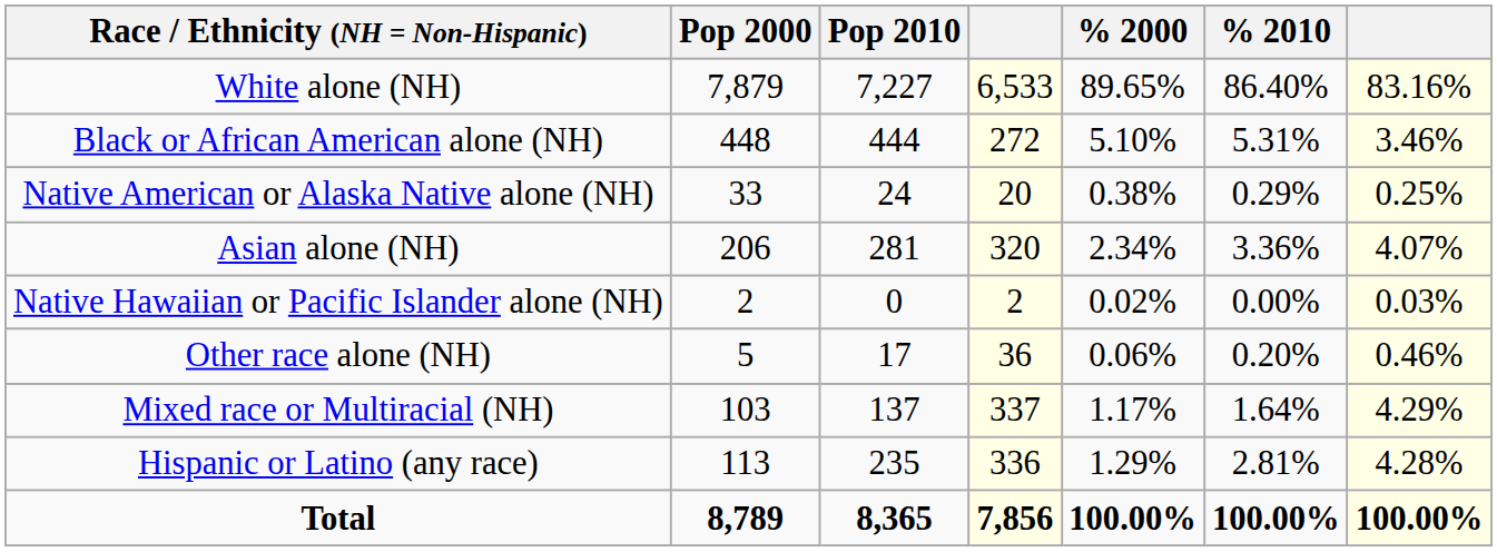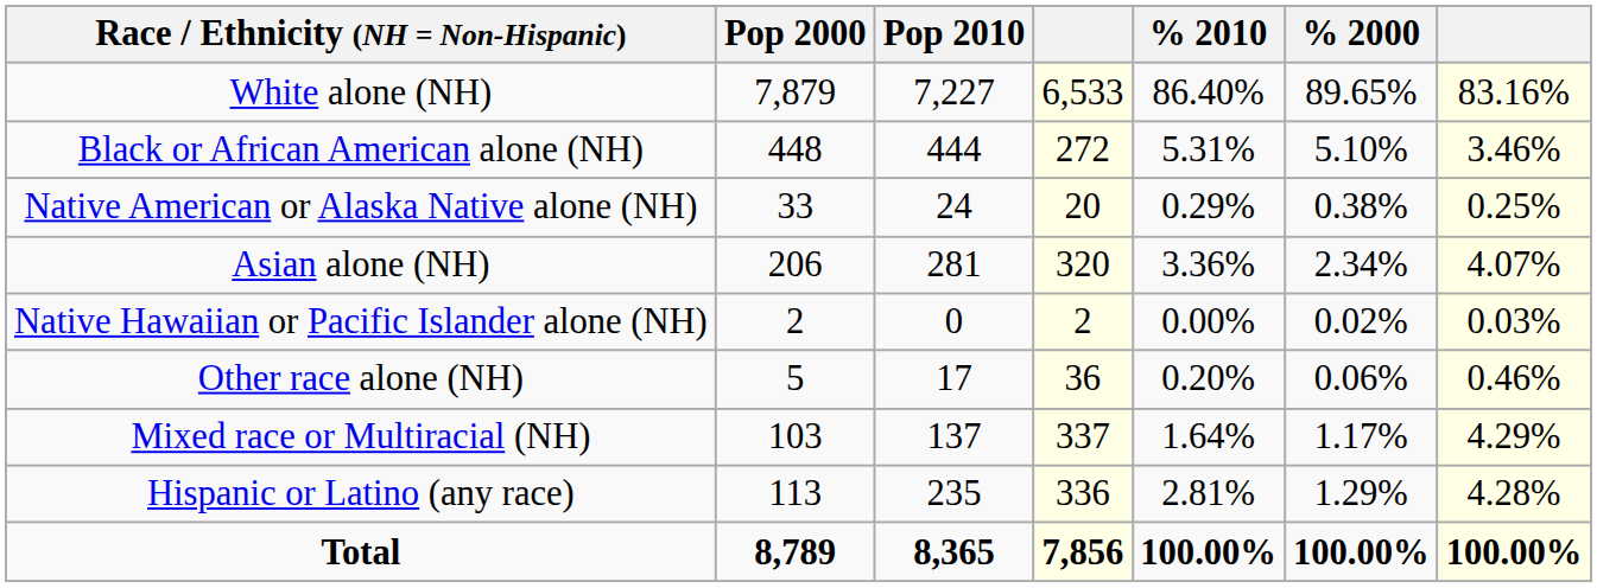 <table class="wikitable" style="text-align:center;">
 <tr>
 <th>Race / Ethnicity <small>(<em>NH = Non-Hispanic</em>)</small></th>
 <th>Pop 2000</th>
 <th>Pop 2010</th>
 <th></th>
+<th>% 2010</th>
 <th>% 2000</th>
-<th>% 2010</th>
 <th></th>
 </tr>
 <tr>
 <td><a href='#'>White</a> alone (NH)</td>
 <td>7,879</td>
 <td>7,227</td>
 <td style='background: #ffffe6;'>6,533</td>
+<td>86.40%</td>
 <td>89.65%</td>
-<td>86.40%</td>
 <td style='background: #ffffe6;'>83.16%</td>
 </tr>
 <tr>
 <td><a href='#'>Black or African American</a> alone (NH)</td>
 <td>448</td>
 <td>444</td>
 <td style='background: #ffffe6;'>272</td>
+<td>5.31%</td>
 <td>5.10%</td>
-<td>5.31%</td>
 <td style='background: #ffffe6;'>3.46%</td>
 </tr>
 <tr>
 <td><a href='#'>Native American</a> or <a href='#'>Alaska Native</a> alone (NH)</td>
 <td>33</td>
 <td>24</td>
 <td style='background: #ffffe6;'>20</td>
+<td>0.29%</td>
 <td>0.38%</td>
-<td>0.29%</td>
 <td style='background: #ffffe6;'>0.25%</td>
 </tr>
 <tr>
 <td><a href='#'>Asian</a> alone (NH)</td>
 <td>206</td>
 <td>281</td>
 <td style='background: #ffffe6;'>320</td>
+<td>3.36%</td>
 <td>2.34%</td>
-<td>3.36%</td>
 <td style='background: #ffffe6;'>4.07%</td>
 </tr>
 <tr>
 <td><a href='#'>Native Hawaiian</a> or <a href='#'>Pacific Islander</a> alone (NH)</td>
 <td>2</td>
 <td>0</td>
 <td style='background: #ffffe6;'>2</td>
+<td>0.00%</td>
 <td>0.02%</td>
-<td>0.00%</td>
 <td style='background: #ffffe6;'>0.03%</td>
 </tr>
 <tr>
 <td><a href='#'>Other race</a> alone (NH)</td>
 <td>5</td>
 <td>17</td>
 <td style='background: #ffffe6;'>36</td>
+<td>0.20%</td>
 <td>0.06%</td>
-<td>0.20%</td>
 <td style='background: #ffffe6;'>0.46%</td>
 </tr>
 <tr>
 <td><a href='#'>Mixed race or Multiracial</a> (NH)</td>
 <td>103</td>
 <td>137</td>
 <td style='background: #ffffe6;'>337</td>
+<td>1.64%</td>
 <td>1.17%</td>
-<td>1.64%</td>
 <td style='background: #ffffe6;'>4.29%</td>
 </tr>
 <tr>
 <td><a href='#'>Hispanic or Latino</a> (any race)</td>
 <td>113</td>
 <td>235</td>
 <td style='background: #ffffe6;'>336</td>
+<td>2.81%</td>
 <td>1.29%</td>
-<td>2.81%</td>
 <td style='background: #ffffe6;'>4.28%</td>
 </tr>
 <tr>
 <td><strong>Total</strong></td>
 <td><strong>8,789</strong></td>
 <td><strong>8,365</strong></td>
 <td style='background: #ffffe6;'><strong>7,856</strong></td>
 <td><strong>100.00%</strong></td>
 <td><strong>100.00%</strong></td>
 <td style='background: #ffffe6;'><strong>100.00%</strong></td>
 </tr>
 </table>
